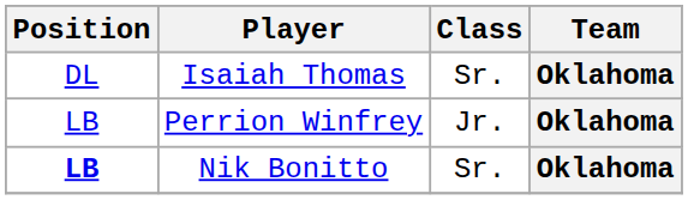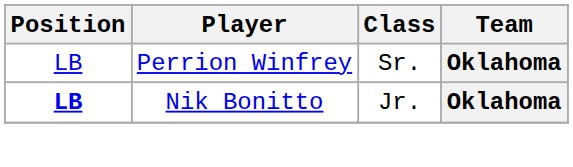 <table class="wikitable sortable" border="1">
 <tr>
 <th>Position</th>
 <th>Player</th>
 <th>Class</th>
 <th>Team</th>
 </tr>
 <tr>
-<td style="text-align:center; background:white"><a href='#'>DL</a></td>
-<td style="text-align:center; background:white"><a href='#'>Isaiah Thomas</a></td>
-<td style="text-align:center; background:white">Sr.</td>
-<th>Oklahoma</th>
-</tr>
-<tr>
 <td style="text-align:center; background:white"><a href='#'>LB</a></td>
 <td style="text-align:center; background:white"><a href='#'>Perrion Winfrey</a></td>
-<td style="text-align:center; background:white">Jr.</td>
+<td style="text-align:center; background:white">Sr.</td>
 <th>Oklahoma</th>
 </tr>
 <tr>
 <td style="text-align:center; background:white"><strong><a href='#'>LB</a></strong></td>
 <td style="text-align:center; background:white"><a href='#'>Nik Bonitto</a></td>
-<td style="text-align:center; background:white">Sr.</td>
+<td style="text-align:center; background:white">Jr.</td>
 <th>Oklahoma</th>
 </tr>
 <tr>
 </tr>
 </table>
